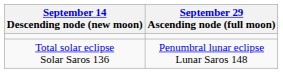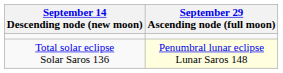 <table class="wikitable">
 <tr>
 <th><a href='#'>September 14</a><br>Descending node (new moon)<br></th>
 <th><a href='#'>September 29</a><br>Ascending node (full moon)<br></th>
 </tr>
 <tr>
 <td></td>
 <td></td>
 </tr>
 <tr align=center>
 <td><a href='#'>Total solar eclipse</a><br>Solar Saros 136</td>
-<td><a href='#'>Penumbral lunar eclipse</a><br>Lunar Saros 148</td>
+<td style="background: lightyellow;"><a href='#'>Penumbral lunar eclipse</a><br>Lunar Saros 148</td>
 </tr>
 </table>
